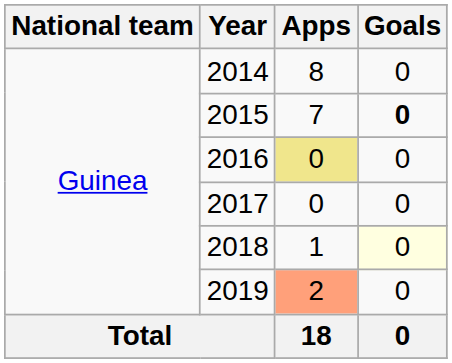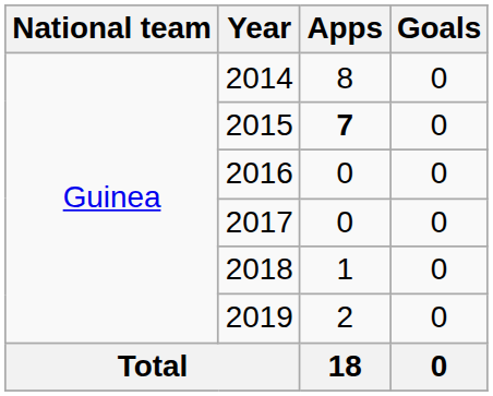 <table class="wikitable" style="text-align:center">
 <tr>
 <th>National team</th>
 <th>Year</th>
 <th>Apps</th>
 <th>Goals</th>
 </tr>
 <tr>
 <td rowspan="6"><a href='#'>Guinea</a></td>
 <td>2014</td>
 <td>8</td>
 <td>0</td>
 </tr>
 <tr>
 <td>2015</td>
-<td>7</td>
-<td><strong>0</strong></td>
+<td><strong>7</strong></td>
+<td>0</td>
 </tr>
 <tr>
 <td>2016</td>
-<td style="background: khaki;">0</td>
+<td>0</td>
 <td>0</td>
 </tr>
 <tr>
 <td>2017</td>
 <td>0</td>
 <td>0</td>
 </tr>
 <tr>
 <td>2018</td>
 <td>1</td>
-<td style="background: lightyellow;">0</td>
+<td>0</td>
 </tr>
 <tr>
 <td>2019</td>
-<td style="background: lightsalmon;">2</td>
+<td>2</td>
 <td>0</td>
 </tr>
 <tr>
 <th colspan="2">Total</th>
 <th>18</th>
 <th>0</th>
 </tr>
 </table>
